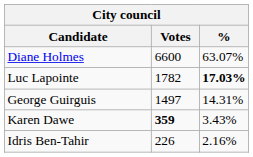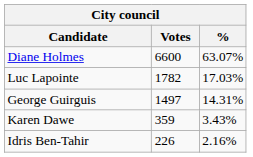 <table class="wikitable">
 <tr>
 <th colspan="3">City council</th>
 </tr>
 <tr>
 <th style="width: 170px">Candidate</th>
 <th style="width: 50px">Votes</th>
 <th style="width: 40px">%</th>
 </tr>
 <tr>
 <td><a href='#'>Diane Holmes</a></td>
 <td>6600</td>
 <td>63.07%</td>
 </tr>
 <tr>
 <td>Luc Lapointe</td>
 <td>1782</td>
-<td><strong>17.03%</strong></td>
+<td>17.03%</td>
 </tr>
 <tr>
 <td>George Guirguis</td>
 <td>1497</td>
 <td>14.31%</td>
 </tr>
 <tr>
 <td>Karen Dawe</td>
-<td><strong>359</strong></td>
+<td>359</td>
 <td>3.43%</td>
 </tr>
 <tr>
 <td>Idris Ben-Tahir</td>
 <td>226</td>
 <td>2.16%</td>
 </tr>
 </table>
